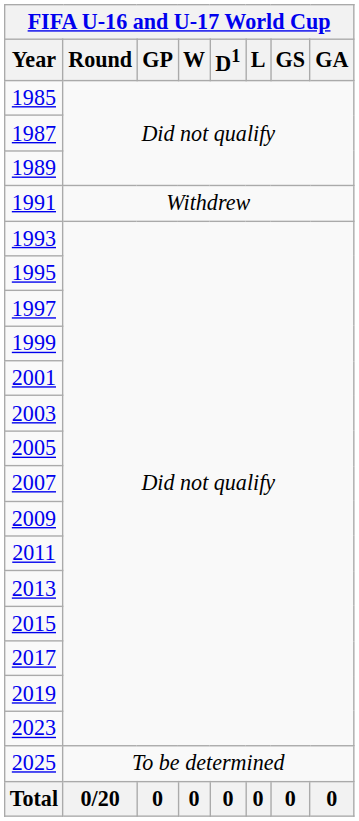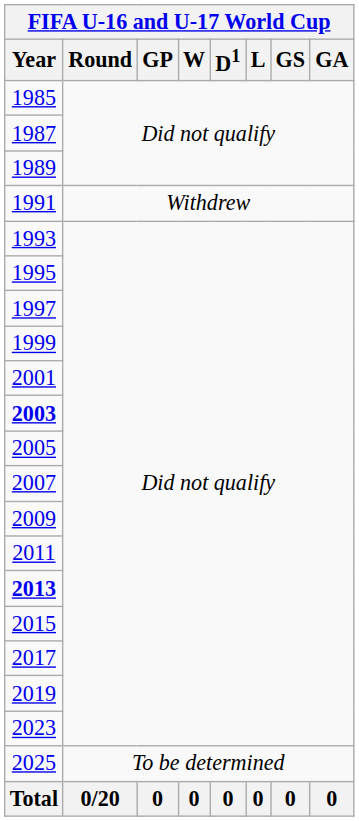 <table class="wikitable" style="text-align: center;">
 <tr>
 <th colspan=8><a href='#'>FIFA U-16 and U-17 World Cup</a></th>
 </tr>
 <tr>
 <th>Year</th>
 <th>Round</th>
 <th>GP</th>
 <th>W</th>
 <th>D<sup>1</sup></th>
 <th>L</th>
 <th>GS</th>
 <th>GA</th>
 </tr>
 <tr>
 <td> <a href='#'>1985</a></td>
 <td colspan=7 rowspan=3><em>Did not qualify</em></td>
 </tr>
 <tr>
 <td> <a href='#'>1987</a></td>
 </tr>
 <tr>
 <td> <a href='#'>1989</a></td>
 </tr>
 <tr>
 <td> <a href='#'>1991</a></td>
 <td colspan=7><em>Withdrew</em></td>
 </tr>
 <tr>
 <td> <a href='#'>1993</a></td>
 <td colspan=7 rowspan=15><em>Did not qualify</em></td>
 </tr>
 <tr>
 <td> <a href='#'>1995</a></td>
 </tr>
 <tr>
 <td> <a href='#'>1997</a></td>
 </tr>
 <tr>
 <td> <a href='#'>1999</a></td>
 </tr>
 <tr>
 <td> <a href='#'>2001</a></td>
 </tr>
 <tr>
-<td> <a href='#'>2003</a></td>
+<td><strong> <a href='#'>2003</a></strong></td>
 </tr>
 <tr>
 <td> <a href='#'>2005</a></td>
 </tr>
 <tr>
 <td> <a href='#'>2007</a></td>
 </tr>
 <tr>
 <td> <a href='#'>2009</a></td>
 </tr>
 <tr>
 <td> <a href='#'>2011</a></td>
 </tr>
 <tr>
-<td> <a href='#'>2013</a></td>
+<td><strong> <a href='#'>2013</a></strong></td>
 </tr>
 <tr>
 <td> <a href='#'>2015</a></td>
 </tr>
 <tr>
 <td> <a href='#'>2017</a></td>
 </tr>
 <tr>
 <td> <a href='#'>2019</a></td>
 </tr>
 <tr>
 <td> <a href='#'>2023</a></td>
 </tr>
 <tr>
 <td> <a href='#'>2025</a></td>
 <td colspan=7><em>To be determined</em></td>
 </tr>
 <tr>
 <th>Total</th>
 <th>0/20</th>
 <th>0</th>
 <th>0</th>
 <th>0</th>
 <th>0</th>
 <th>0</th>
 <th>0</th>
 </tr>
 </table>
